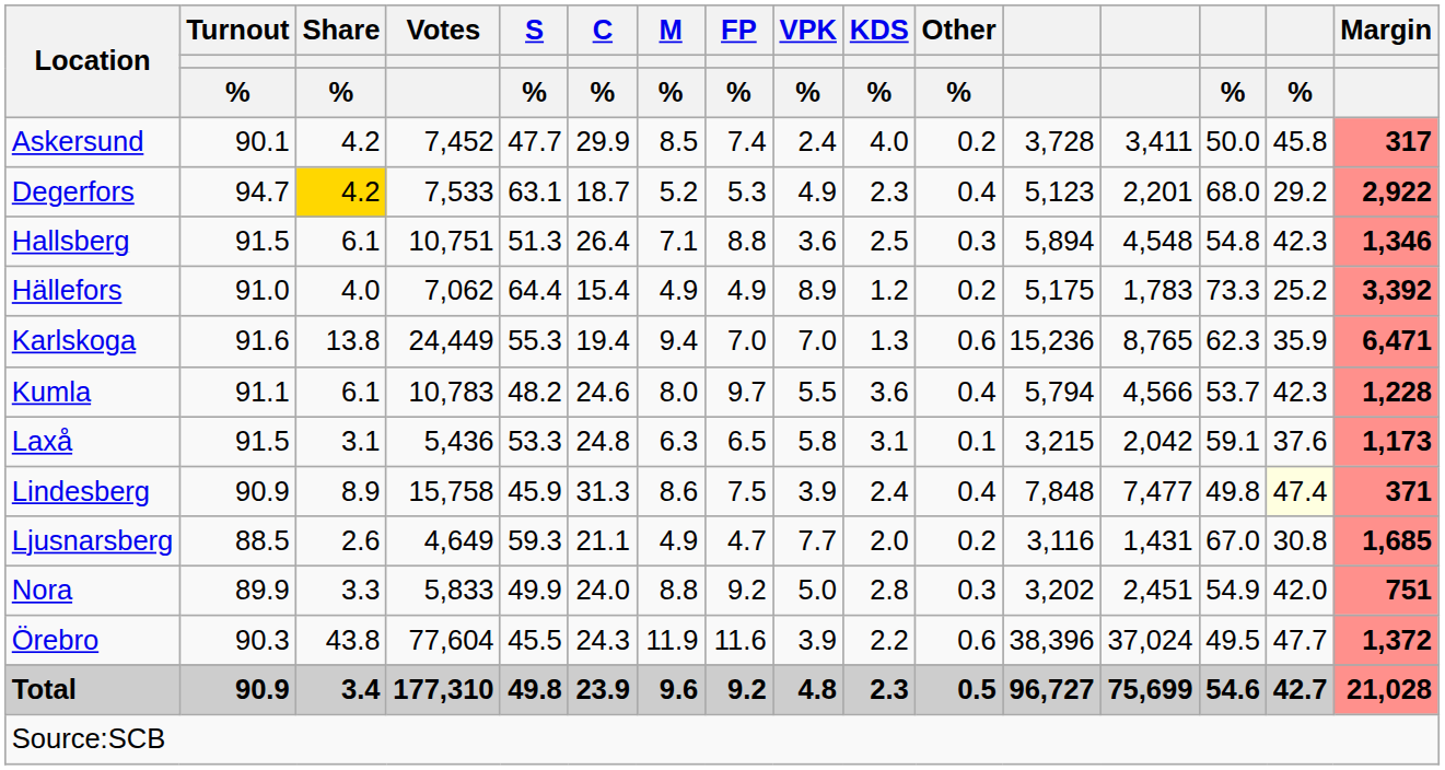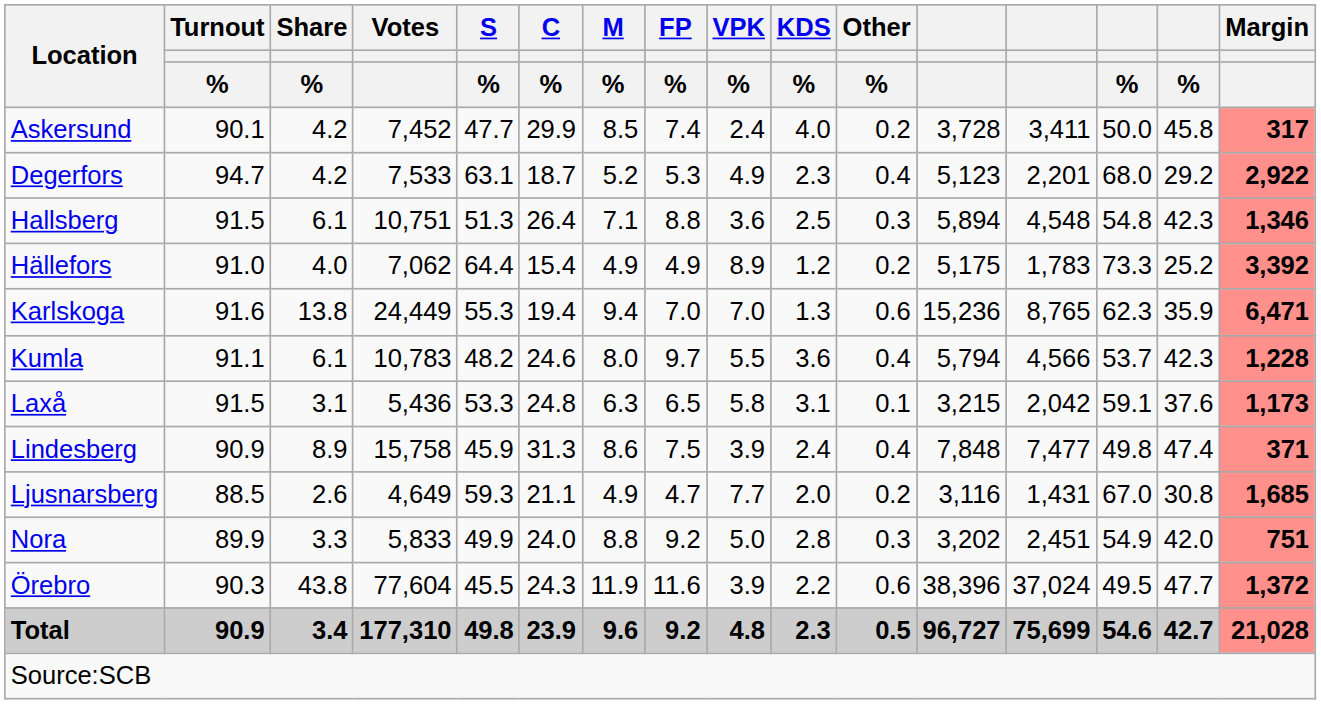 <table class="wikitable sortable" style="text-align:right; font-size:95%; line-height:20px;">
 <tr>
 <th rowspan="3">Location</th>
 <th>Turnout</th>
 <th>Share</th>
 <th>Votes</th>
 <th width="30px" class="unsortable"><a href='#'>S</a></th>
 <th width="30px" class="unsortable"><a href='#'>C</a></th>
 <th width="30px" class="unsortable"><a href='#'>M</a></th>
 <th width="30px" class="unsortable"><a href='#'>FP</a></th>
 <th width="30px" class="unsortable"><a href='#'>VPK</a></th>
 <th width="30px" class="unsortable"><a href='#'>KDS</a></th>
 <th width="30px" class="unsortable">Other</th>
 <th></th>
 <th></th>
 <th></th>
 <th></th>
 <th>Margin</th>
 </tr>
 <tr>
 <th></th>
 <th></th>
 <th></th>
 <th style="background:"></th>
 <th style="background:"></th>
 <th style="background:"></th>
 <th style="background:"></th>
 <th style="background:"></th>
 <th style="background:"></th>
 <th style="background:"></th>
 <th style="background:"></th>
 <th style="background:"></th>
 <th style="background:"></th>
 <th style="background:"></th>
 <th></th>
 </tr>
 <tr>
 <th data-sort-type="number">%</th>
 <th data-sort-type="number">%</th>
 <th></th>
 <th data-sort-type="number">%</th>
 <th data-sort-type="number">%</th>
 <th data-sort-type="number">%</th>
 <th data-sort-type="number">%</th>
 <th data-sort-type="number">%</th>
 <th data-sort-type="number">%</th>
 <th data-sort-type="number">%</th>
 <th data-sort-type="number"></th>
 <th data-sort-type="number"></th>
 <th data-sort-type="number">%</th>
 <th data-sort-type="number">%</th>
 <th data-sort-type="number"></th>
 </tr>
 <tr>
 <td align=left><a href='#'>Askersund</a></td>
 <td>90.1</td>
 <td>4.2</td>
 <td>7,452</td>
 <td>47.7</td>
 <td>29.9</td>
 <td>8.5</td>
 <td>7.4</td>
 <td>2.4</td>
 <td>4.0</td>
 <td>0.2</td>
 <td>3,728</td>
 <td>3,411</td>
 <td>50.0</td>
 <td>45.8</td>
 <td bgcolor=#ff908c><strong>317</strong></td>
 </tr>
 <tr>
 <td align=left><a href='#'>Degerfors</a></td>
 <td>94.7</td>
-<td style="background: gold;">4.2</td>
+<td>4.2</td>
 <td>7,533</td>
 <td>63.1</td>
 <td>18.7</td>
 <td>5.2</td>
 <td>5.3</td>
 <td>4.9</td>
 <td>2.3</td>
 <td>0.4</td>
 <td>5,123</td>
 <td>2,201</td>
 <td>68.0</td>
 <td>29.2</td>
 <td bgcolor=#ff908c><strong>2,922</strong></td>
 </tr>
 <tr>
 <td align=left><a href='#'>Hallsberg</a></td>
 <td>91.5</td>
 <td>6.1</td>
 <td>10,751</td>
 <td>51.3</td>
 <td>26.4</td>
 <td>7.1</td>
 <td>8.8</td>
 <td>3.6</td>
 <td>2.5</td>
 <td>0.3</td>
 <td>5,894</td>
 <td>4,548</td>
 <td>54.8</td>
 <td>42.3</td>
 <td bgcolor=#ff908c><strong>1,346</strong></td>
 </tr>
 <tr>
 <td align=left><a href='#'>Hällefors</a></td>
 <td>91.0</td>
 <td>4.0</td>
 <td>7,062</td>
 <td>64.4</td>
 <td>15.4</td>
 <td>4.9</td>
 <td>4.9</td>
 <td>8.9</td>
 <td>1.2</td>
 <td>0.2</td>
 <td>5,175</td>
 <td>1,783</td>
 <td>73.3</td>
 <td>25.2</td>
 <td bgcolor=#ff908c><strong>3,392</strong></td>
 </tr>
 <tr>
 <td align=left><a href='#'>Karlskoga</a></td>
 <td>91.6</td>
 <td>13.8</td>
 <td>24,449</td>
 <td>55.3</td>
 <td>19.4</td>
 <td>9.4</td>
 <td>7.0</td>
 <td>7.0</td>
 <td>1.3</td>
 <td>0.6</td>
 <td>15,236</td>
 <td>8,765</td>
 <td>62.3</td>
 <td>35.9</td>
 <td bgcolor=#ff908c><strong>6,471</strong></td>
 </tr>
 <tr>
 <td align=left><a href='#'>Kumla</a></td>
 <td>91.1</td>
 <td>6.1</td>
 <td>10,783</td>
 <td>48.2</td>
 <td>24.6</td>
 <td>8.0</td>
 <td>9.7</td>
 <td>5.5</td>
 <td>3.6</td>
 <td>0.4</td>
 <td>5,794</td>
 <td>4,566</td>
 <td>53.7</td>
 <td>42.3</td>
 <td bgcolor=#ff908c><strong>1,228</strong></td>
 </tr>
 <tr>
 <td align=left><a href='#'>Laxå</a></td>
 <td>91.5</td>
 <td>3.1</td>
 <td>5,436</td>
 <td>53.3</td>
 <td>24.8</td>
 <td>6.3</td>
 <td>6.5</td>
 <td>5.8</td>
 <td>3.1</td>
 <td>0.1</td>
 <td>3,215</td>
 <td>2,042</td>
 <td>59.1</td>
 <td>37.6</td>
 <td bgcolor=#ff908c><strong>1,173</strong></td>
 </tr>
 <tr>
 <td align=left><a href='#'>Lindesberg</a></td>
 <td>90.9</td>
 <td>8.9</td>
 <td>15,758</td>
 <td>45.9</td>
 <td>31.3</td>
 <td>8.6</td>
 <td>7.5</td>
 <td>3.9</td>
 <td>2.4</td>
 <td>0.4</td>
 <td>7,848</td>
 <td>7,477</td>
 <td>49.8</td>
-<td style="background: lightyellow;">47.4</td>
+<td>47.4</td>
 <td bgcolor=#ff908c><strong>371</strong></td>
 </tr>
 <tr>
 <td align=left><a href='#'>Ljusnarsberg</a></td>
 <td>88.5</td>
 <td>2.6</td>
 <td>4,649</td>
 <td>59.3</td>
 <td>21.1</td>
 <td>4.9</td>
 <td>4.7</td>
 <td>7.7</td>
 <td>2.0</td>
 <td>0.2</td>
 <td>3,116</td>
 <td>1,431</td>
 <td>67.0</td>
 <td>30.8</td>
 <td bgcolor=#ff908c><strong>1,685</strong></td>
 </tr>
 <tr>
 <td align=left><a href='#'>Nora</a></td>
 <td>89.9</td>
 <td>3.3</td>
 <td>5,833</td>
 <td>49.9</td>
 <td>24.0</td>
 <td>8.8</td>
 <td>9.2</td>
 <td>5.0</td>
 <td>2.8</td>
 <td>0.3</td>
 <td>3,202</td>
 <td>2,451</td>
 <td>54.9</td>
 <td>42.0</td>
 <td bgcolor=#ff908c><strong>751</strong></td>
 </tr>
 <tr>
 <td align=left><a href='#'>Örebro</a></td>
 <td>90.3</td>
 <td>43.8</td>
 <td>77,604</td>
 <td>45.5</td>
 <td>24.3</td>
 <td>11.9</td>
 <td>11.6</td>
 <td>3.9</td>
 <td>2.2</td>
 <td>0.6</td>
 <td>38,396</td>
 <td>37,024</td>
 <td>49.5</td>
 <td>47.7</td>
 <td bgcolor=#ff908c><strong>1,372</strong></td>
 </tr>
 <tr style="background:#CDCDCD;">
 <td align=left><strong>Total</strong></td>
 <td><strong>90.9</strong></td>
 <td><strong>3.4</strong></td>
 <td><strong>177,310</strong></td>
 <td><strong>49.8</strong></td>
 <td><strong>23.9</strong></td>
 <td><strong>9.6</strong></td>
 <td><strong>9.2</strong></td>
 <td><strong>4.8</strong></td>
 <td><strong>2.3</strong></td>
 <td><strong>0.5</strong></td>
 <td><strong>96,727</strong></td>
 <td><strong>75,699</strong></td>
 <td><strong>54.6</strong></td>
 <td><strong>42.7</strong></td>
 <td bgcolor=#ff908c><strong>21,028</strong></td>
 </tr>
 <tr>
 <td align=left colspan=16>Source:SCB </td>
 </tr>
 </table>
